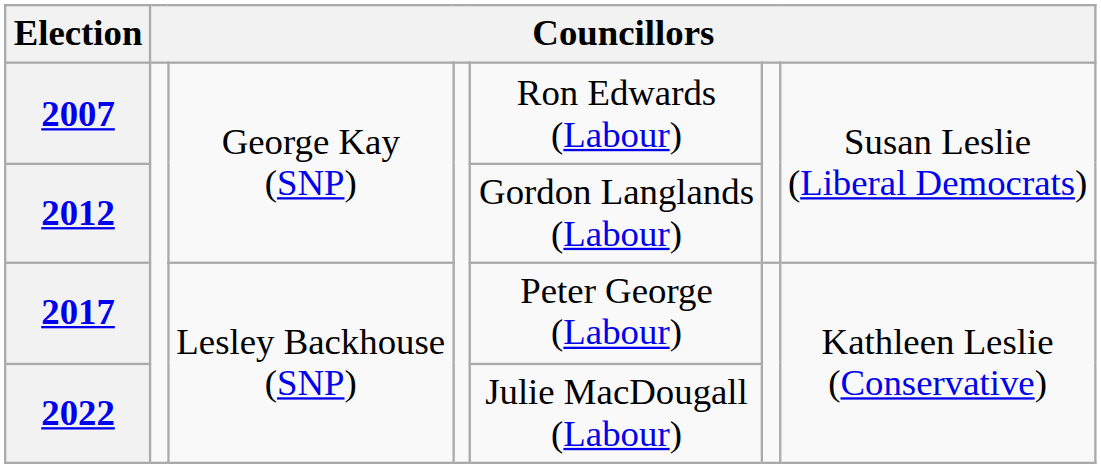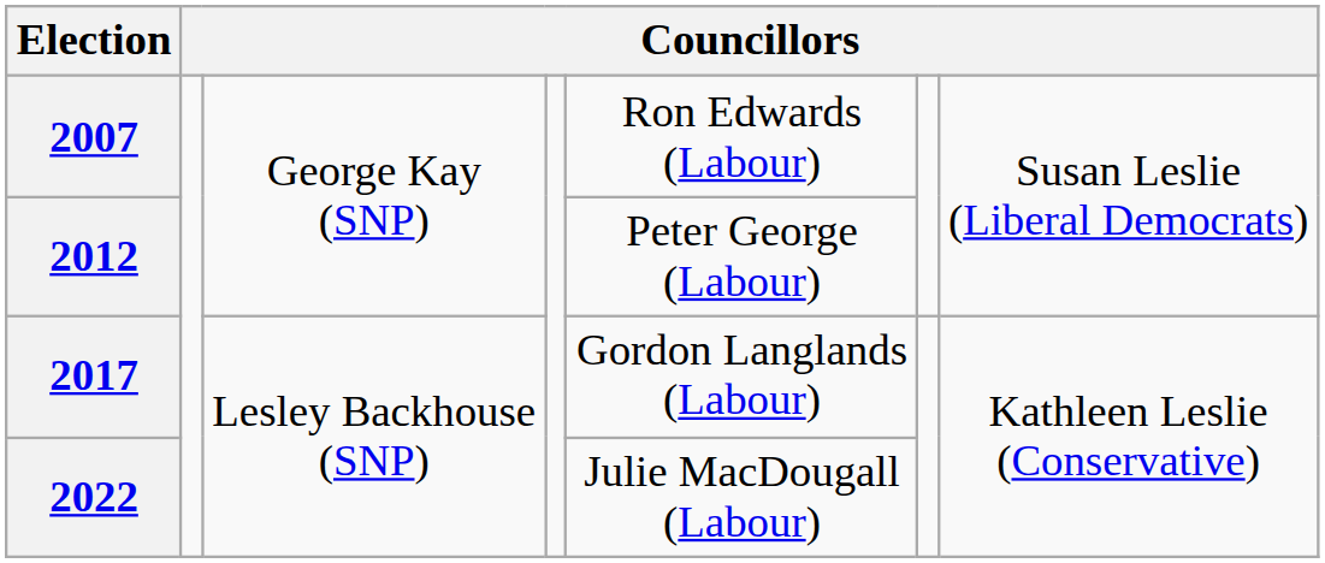 <table class="wikitable" style="text-align:center">
 <tr>
 <th>Election</th>
 <th colspan=6>Councillors</th>
 </tr>
 <tr>
 <th><a href='#'>2007</a></th>
 <td rowspan=4; style="background-color: "></td>
 <td rowspan=2>George Kay<br>(<a href='#'>SNP</a>)</td>
 <td rowspan=4; style="background-color: "></td>
 <td rowspan=1>Ron Edwards<br>(<a href='#'>Labour</a>)</td>
 <td rowspan=2; style="background-color: "></td>
 <td rowspan=2>Susan Leslie<br>(<a href='#'>Liberal Democrats</a>)</td>
 </tr>
 <tr>
 <th><a href='#'>2012</a></th>
-<td rowspan=1>Gordon Langlands<br>(<a href='#'>Labour</a>)</td>
+<td rowspan=1>Peter George<br>(<a href='#'>Labour</a>)</td>
 </tr>
 <tr>
 <th><a href='#'>2017</a></th>
 <td rowspan=2>Lesley Backhouse<br>(<a href='#'>SNP</a>)</td>
-<td rowspan=1>Peter George<br>(<a href='#'>Labour</a>)</td>
+<td rowspan=1>Gordon Langlands<br>(<a href='#'>Labour</a>)</td>
 <td rowspan=2; style="background-color: "></td>
 <td rowspan=2>Kathleen Leslie<br>(<a href='#'>Conservative</a>)</td>
 </tr>
 <tr>
 <th><a href='#'>2022</a></th>
 <td rowspan=1>Julie MacDougall<br>(<a href='#'>Labour</a>)</td>
 </tr>
 </table>
